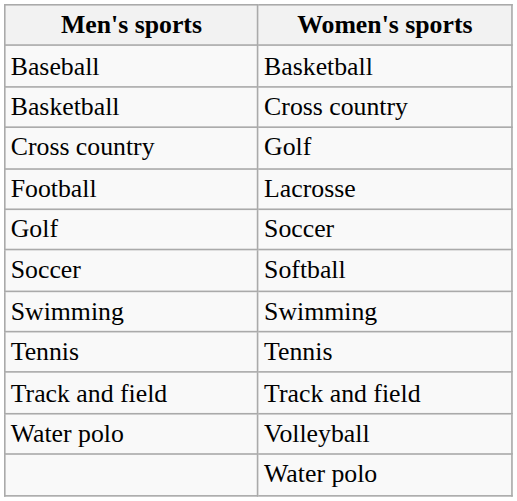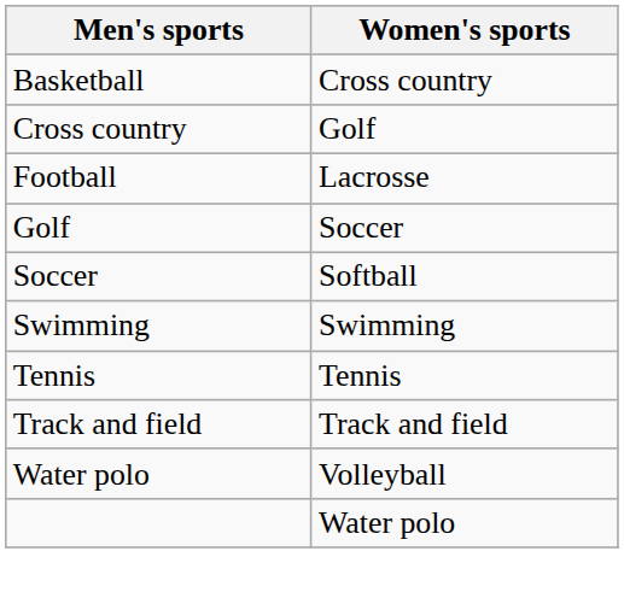 <table class="wikitable"; style= "text-align: ">
 <tr>
 <th width=150px>Men's sports</th>
 <th width=150px>Women's sports</th>
-</tr>
-<tr>
-<td>Baseball</td>
-<td>Basketball</td>
 </tr>
 <tr>
 <td>Basketball</td>
 <td>Cross country</td>
 </tr>
 <tr>
 <td>Cross country</td>
 <td>Golf</td>
 </tr>
 <tr>
 <td>Football</td>
 <td>Lacrosse</td>
 </tr>
 <tr>
 <td>Golf</td>
 <td>Soccer</td>
 </tr>
 <tr>
 <td>Soccer</td>
 <td>Softball</td>
 </tr>
 <tr>
 <td>Swimming</td>
 <td>Swimming</td>
 </tr>
 <tr>
 <td>Tennis</td>
 <td>Tennis</td>
 </tr>
 <tr>
 <td>Track and field</td>
 <td>Track and field</td>
 </tr>
 <tr>
 <td>Water polo</td>
 <td>Volleyball</td>
 </tr>
 <tr>
 <td></td>
 <td>Water polo</td>
 </tr>
 </table>
